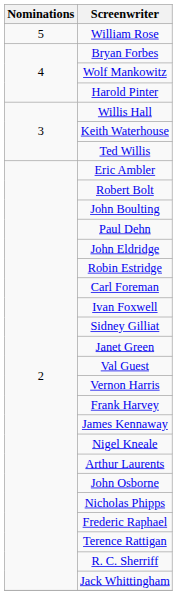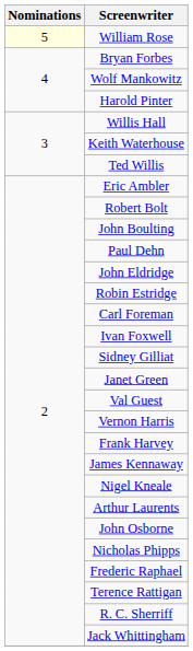 <table class="wikitable" style="text-align: center;">
 <tr>
 <th scope="col" width="55">Nominations</th>
 <th scope="col" align="center">Screenwriter</th>
 </tr>
 <tr>
-<td rowspan="1" style="text-align:center;">5</td>
+<td rowspan="1" style="background: lightyellow; text-align:center;">5</td>
 <td><a href='#'>William Rose</a></td>
 </tr>
 <tr>
 <td rowspan="3" style="text-align:center;">4</td>
 <td><a href='#'>Bryan Forbes</a></td>
 </tr>
 <tr>
 <td><a href='#'>Wolf Mankowitz</a></td>
 </tr>
 <tr>
 <td><a href='#'>Harold Pinter</a></td>
 </tr>
 <tr>
 <td rowspan="3" style="text-align:center;">3</td>
 <td><a href='#'>Willis Hall</a></td>
 </tr>
 <tr>
 <td><a href='#'>Keith Waterhouse</a></td>
 </tr>
 <tr>
 <td><a href='#'>Ted Willis</a></td>
 </tr>
 <tr>
 <td rowspan="22" style="text-align:center;">2</td>
 <td><a href='#'>Eric Ambler</a></td>
 </tr>
 <tr>
 <td><a href='#'>Robert Bolt</a></td>
 </tr>
 <tr>
 <td><a href='#'>John Boulting</a></td>
 </tr>
 <tr>
 <td><a href='#'>Paul Dehn</a></td>
 </tr>
 <tr>
 <td><a href='#'>John Eldridge</a></td>
 </tr>
 <tr>
 <td><a href='#'>Robin Estridge</a></td>
 </tr>
 <tr>
 <td><a href='#'>Carl Foreman</a></td>
 </tr>
 <tr>
 <td><a href='#'>Ivan Foxwell</a></td>
 </tr>
 <tr>
 <td><a href='#'>Sidney Gilliat</a></td>
 </tr>
 <tr>
 <td><a href='#'>Janet Green</a></td>
 </tr>
 <tr>
 <td><a href='#'>Val Guest</a></td>
 </tr>
 <tr>
 <td><a href='#'>Vernon Harris</a></td>
 </tr>
 <tr>
 <td><a href='#'>Frank Harvey</a></td>
 </tr>
 <tr>
 <td><a href='#'>James Kennaway</a></td>
 </tr>
 <tr>
 <td><a href='#'>Nigel Kneale</a></td>
 </tr>
 <tr>
 <td><a href='#'>Arthur Laurents</a></td>
 </tr>
 <tr>
 <td><a href='#'>John Osborne</a></td>
 </tr>
 <tr>
 <td><a href='#'>Nicholas Phipps</a></td>
 </tr>
 <tr>
 <td><a href='#'>Frederic Raphael</a></td>
 </tr>
 <tr>
 <td><a href='#'>Terence Rattigan</a></td>
 </tr>
 <tr>
 <td><a href='#'>R. C. Sherriff</a></td>
 </tr>
 <tr>
 <td><a href='#'>Jack Whittingham</a></td>
 </tr>
 <tr>
 </tr>
 </table>
